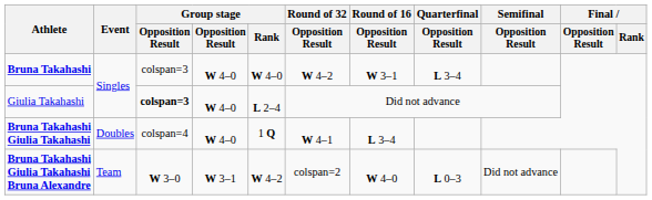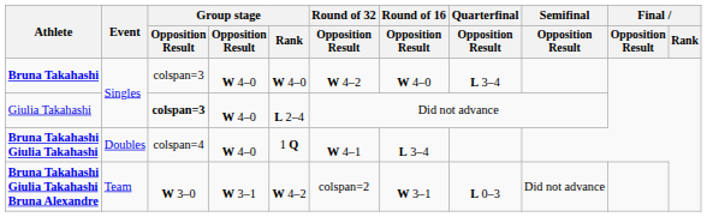 <table class=wikitable style=font-size:90%;text-align:center>
 <tr>
 <th rowspan=2>Athlete</th>
 <th rowspan=2>Event</th>
 <th colspan=3>Group stage</th>
 <th>Round of 32</th>
 <th>Round of 16</th>
 <th>Quarterfinal</th>
 <th>Semifinal</th>
 <th colspan=2>Final / </th>
 </tr>
 <tr style=font-size:95%>
 <th>Opposition<br>Result</th>
 <th>Opposition<br>Result</th>
 <th>Rank</th>
 <th>Opposition<br>Result</th>
 <th>Opposition<br>Result</th>
 <th>Opposition<br>Result</th>
 <th>Opposition<br>Result</th>
 <th>Opposition<br>Result</th>
 <th>Rank</th>
 </tr>
 <tr>
 <td align=left><strong><a href='#'>Bruna Takahashi</a></strong></td>
 <td align=left rowspan=2><a href='#'>Singles</a></td>
 <td>colspan=3 </td>
 <td><br><strong>W</strong> 4–0</td>
 <td><br><strong>W</strong> 4–0</td>
 <td><br><strong>W</strong> 4–2</td>
-<td><br><strong>W</strong> 3–1</td>
+<td><br><strong>W</strong> 4–0</td>
 <td><br><strong>L</strong> 3–4</td>
 <td></td>
 </tr>
 <tr>
 <td align=left><a href='#'>Giulia Takahashi</a></td>
 <td><strong>colspan=3 </strong></td>
 <td><br><strong>W</strong> 4–0</td>
 <td><br><strong>L</strong> 2–4</td>
 <td colspan=4>Did not advance</td>
 </tr>
 <tr>
 <td align=left><strong><a href='#'>Bruna Takahashi</a><br><a href='#'>Giulia Takahashi</a></strong></td>
 <td align=left><a href='#'>Doubles</a></td>
 <td>colspan=4 </td>
 <td><br><strong>W</strong> 4–0</td>
 <td>1 <strong>Q</strong></td>
 <td><br><strong>W</strong> 4–1</td>
 <td><br><strong>L</strong> 3–4</td>
 <td></td>
 </tr>
 <tr>
 <td align=left><strong><a href='#'>Bruna Takahashi</a><br><a href='#'>Giulia Takahashi</a><br><a href='#'>Bruna Alexandre</a></strong></td>
 <td align=left><a href='#'>Team</a></td>
 <td><br><strong>W</strong> 3–0</td>
 <td><br><strong>W</strong> 3–1</td>
 <td><br><strong>W</strong> 4–2</td>
 <td>colspan=2 </td>
-<td><br><strong>W</strong> 4–0</td>
+<td><br><strong>W</strong> 3–1</td>
 <td><br><strong>L</strong> 0–3</td>
 <td>Did not advance</td>
 <td></td>
 </tr>
 </table>
